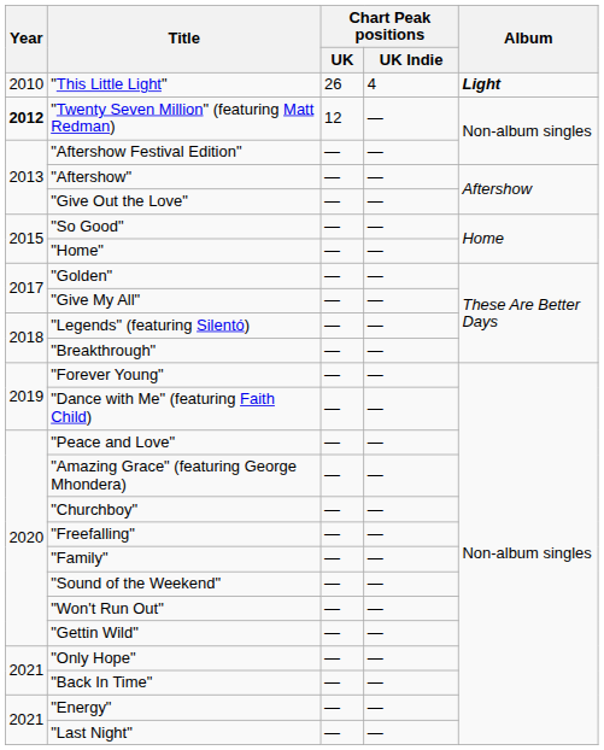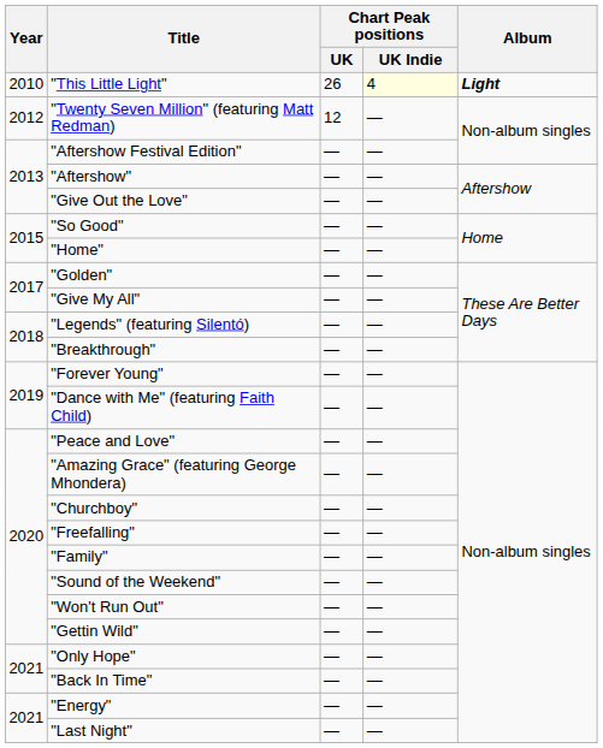 <table class="wikitable">
 <tr>
 <th rowspan="2">Year</th>
 <th rowspan="2">Title</th>
 <th colspan="2">Chart Peak positions</th>
 <th rowspan="2">Album</th>
 </tr>
 <tr>
 <th>UK</th>
 <th>UK Indie</th>
 </tr>
 <tr>
 <td>2010</td>
 <td>"<a href='#'>This Little Light</a>"</td>
 <td>26</td>
-<td>4</td>
+<td style="background: lightyellow;">4</td>
 <td><strong><em>Light</em></strong></td>
 </tr>
 <tr>
-<td><strong>2012</strong></td>
+<td>2012</td>
 <td>"<a href='#'>Twenty Seven Million</a>" (featuring <a href='#'>Matt Redman</a>)</td>
 <td>12</td>
 <td>—</td>
 <td rowspan="2">Non-album singles</td>
 </tr>
 <tr>
 <td rowspan="3">2013</td>
 <td>"Aftershow Festival Edition"</td>
 <td>—</td>
 <td>—</td>
 </tr>
 <tr>
 <td>"Aftershow"</td>
 <td>—</td>
 <td>—</td>
 <td rowspan="2"><em>Aftershow</em></td>
 </tr>
 <tr>
 <td>"Give Out the Love"</td>
 <td>—</td>
 <td>—</td>
 </tr>
 <tr>
 <td rowspan="2">2015</td>
 <td>"So Good"</td>
 <td>—</td>
 <td>—</td>
 <td rowspan="2"><em>Home</em></td>
 </tr>
 <tr>
 <td>"Home"</td>
 <td>—</td>
 <td>—</td>
 </tr>
 <tr>
 <td rowspan="2">2017</td>
 <td>"Golden"</td>
 <td>—</td>
 <td>—</td>
 <td rowspan="4"><em>These Are Better Days</em></td>
 </tr>
 <tr>
 <td>"Give My All"</td>
 <td>—</td>
 <td>—</td>
 </tr>
 <tr>
 <td rowspan="2">2018</td>
 <td>"Legends" (featuring <a href='#'>Silentó</a>)</td>
 <td>—</td>
 <td>—</td>
 </tr>
 <tr>
 <td>"Breakthrough"</td>
 <td>—</td>
 <td>—</td>
 </tr>
 <tr>
 <td rowspan="2">2019</td>
 <td>"Forever Young"</td>
 <td>—</td>
 <td>—</td>
 <td rowspan="14">Non-album singles</td>
 </tr>
 <tr>
 <td>"Dance with Me" (featuring <a href='#'>Faith Child</a>)</td>
 <td>—</td>
 <td>—</td>
 </tr>
 <tr>
 <td rowspan="8">2020</td>
 <td>"Peace and Love"</td>
 <td>—</td>
 <td>—</td>
 </tr>
 <tr>
 <td>"Amazing Grace" (featuring George Mhondera)</td>
 <td>—</td>
 <td>—</td>
 </tr>
 <tr>
 <td>"Churchboy"</td>
 <td>—</td>
 <td>—</td>
 </tr>
 <tr>
 <td>"Freefalling"</td>
 <td>—</td>
 <td>—</td>
 </tr>
 <tr>
 <td>"Family"</td>
 <td>—</td>
 <td>—</td>
 </tr>
 <tr>
 <td>"Sound of the Weekend"</td>
 <td>—</td>
 <td>—</td>
 </tr>
 <tr>
 <td>"Won't Run Out"</td>
 <td>—</td>
 <td>—</td>
 </tr>
 <tr>
 <td>"Gettin Wild"</td>
 <td>—</td>
 <td>—</td>
 </tr>
 <tr>
 <td rowspan="2">2021</td>
 <td>"Only Hope"</td>
 <td>—</td>
 <td>—</td>
 </tr>
 <tr>
 <td>"Back In Time"</td>
 <td>—</td>
 <td>—</td>
 </tr>
 <tr>
 <td rowspan="2">2021</td>
 <td>"Energy"</td>
 <td>—</td>
 <td>—</td>
 </tr>
 <tr>
 <td>"Last Night"</td>
 <td>—</td>
 <td>—</td>
 </tr>
 </table>
